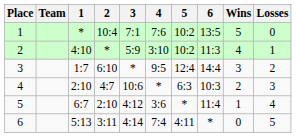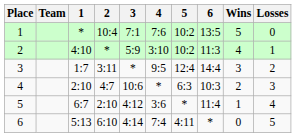 <table class="wikitable" style="text-align:center;">
 <tr>
 <th>Place</th>
 <th>Team</th>
 <th width="25">1</th>
 <th width="25">2</th>
 <th width="25">3</th>
 <th width="25">4</th>
 <th width="25">5</th>
 <th width="25">6</th>
 <th>Wins</th>
 <th>Losses</th>
 </tr>
 <tr bgcolor=#cfc>
 <td>1</td>
 <td align=left></td>
 <td>*</td>
 <td>10:4</td>
 <td>7:1</td>
 <td>7:6</td>
 <td>10:2</td>
 <td>13:5</td>
 <td>5</td>
 <td>0</td>
 </tr>
 <tr bgcolor=#cfc>
 <td>2</td>
 <td align=left></td>
 <td>4:10</td>
 <td>*</td>
 <td>5:9</td>
 <td>3:10</td>
 <td>10:2</td>
 <td>11:3</td>
 <td>4</td>
 <td>1</td>
 </tr>
 <tr>
 <td>3</td>
 <td align=left></td>
 <td>1:7</td>
-<td>6:10</td>
+<td>3:11</td>
 <td>*</td>
 <td>9:5</td>
 <td>12:4</td>
 <td>14:4</td>
 <td>3</td>
 <td>2</td>
 </tr>
 <tr>
 <td>4</td>
 <td align=left></td>
 <td>2:10</td>
 <td>4:7</td>
 <td>10:6</td>
 <td>*</td>
 <td>6:3</td>
 <td>10:3</td>
 <td>2</td>
 <td>3</td>
 </tr>
 <tr>
 <td>5</td>
 <td align=left></td>
 <td>6:7</td>
 <td>2:10</td>
 <td>4:12</td>
 <td>3:6</td>
 <td>*</td>
 <td>11:4</td>
 <td>1</td>
 <td>4</td>
 </tr>
 <tr>
 <td>6</td>
 <td align=left></td>
 <td>5:13</td>
-<td>3:11</td>
+<td>6:10</td>
 <td>4:14</td>
 <td>7:4</td>
 <td>4:11</td>
 <td>*</td>
 <td>0</td>
 <td>5</td>
 </tr>
 </table>
